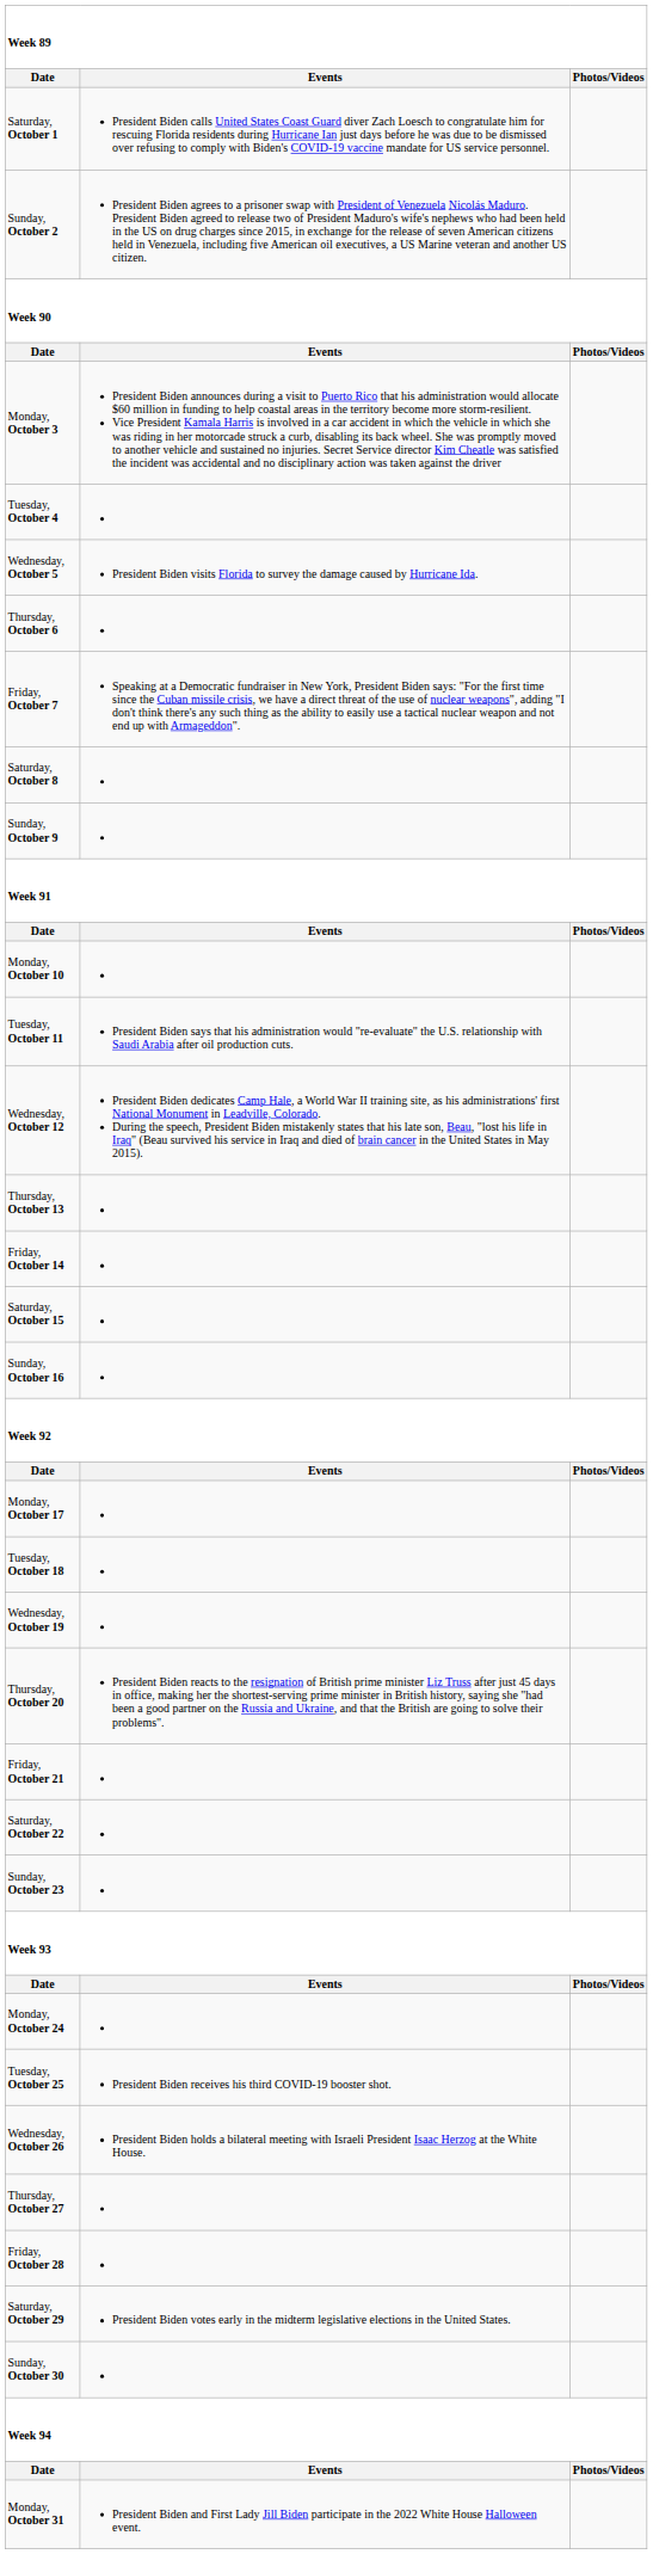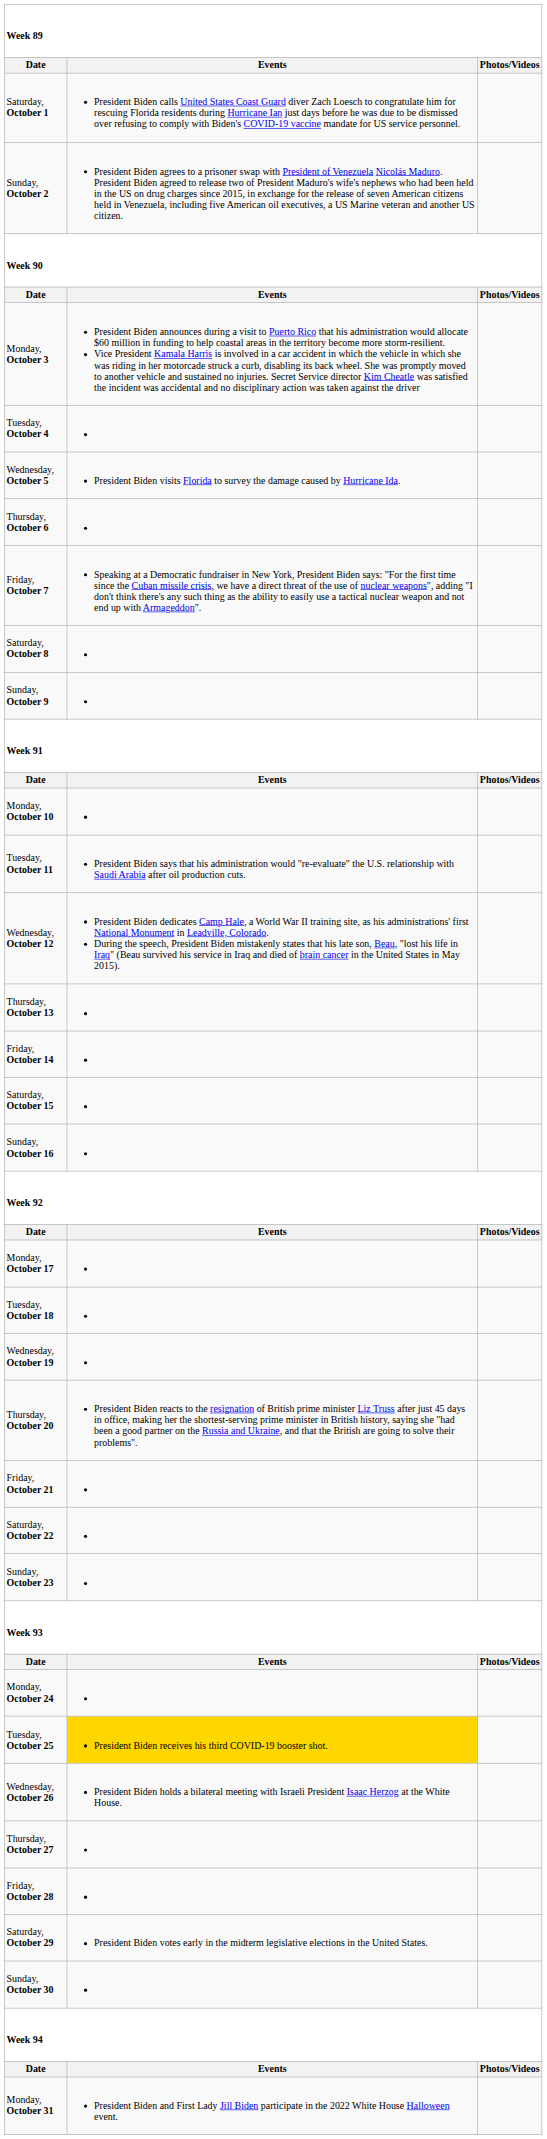 <table class="wikitable">
 <tr style="background:white;">
 <td colspan="3"><br><h4>Week 89</h4></td>
 </tr>
 <tr>
 <th>Date</th>
 <th>Events</th>
 <th>Photos/Videos</th>
 </tr>
 <tr>
 <td>Saturday, <strong>October 1</strong></td>
 <td><br><ul><li>President Biden calls <a href='#'>United States Coast Guard</a> diver Zach Loesch to congratulate him for rescuing Florida residents during <a href='#'>Hurricane Ian</a> just days before he was due to be dismissed over refusing to comply with Biden's <a href='#'>COVID-19 vaccine</a> mandate for US service personnel.</li></ul></td>
 <td></td>
 </tr>
 <tr>
 <td>Sunday, <strong>October 2</strong></td>
 <td><br><ul><li>President Biden agrees to a prisoner swap with <a href='#'>President of Venezuela</a> <a href='#'>Nicolás Maduro</a>. President Biden agreed to release two of President Maduro's wife's nephews who had been held in the US on drug charges since 2015, in exchange for the release of seven American citizens held in Venezuela, including five American oil executives, a US Marine veteran and another US citizen.</li></ul></td>
 <td></td>
 </tr>
 <tr style="background:white;">
 <td colspan="3"><br><h4>Week 90</h4></td>
 </tr>
 <tr>
 <th>Date</th>
 <th>Events</th>
 <th>Photos/Videos</th>
 </tr>
 <tr>
 <td>Monday, <strong>October 3</strong></td>
 <td><br><ul><li>President Biden announces during a visit to <a href='#'>Puerto Rico</a> that his administration would allocate $60 million in funding to help coastal areas in the territory become more storm-resilient.</li><li>Vice President <a href='#'>Kamala Harris</a> is involved in a car accident in which the vehicle in which she was riding in her motorcade struck a curb, disabling its back wheel. She was promptly moved to another vehicle and sustained no injuries. Secret Service director <a href='#'>Kim Cheatle</a> was satisfied the incident was accidental and no disciplinary action was taken against the driver</li></ul></td>
 <td></td>
 </tr>
 <tr>
 <td>Tuesday, <strong>October 4</strong></td>
 <td><br><ul><li></li></ul></td>
 <td></td>
 </tr>
 <tr>
 <td>Wednesday, <strong>October 5</strong></td>
 <td><br><ul><li>President Biden visits <a href='#'>Florida</a> to survey the damage caused by <a href='#'>Hurricane Ida</a>.</li></ul></td>
 <td></td>
 </tr>
 <tr>
 <td>Thursday, <strong>October 6</strong></td>
 <td><br><ul><li></li></ul></td>
 <td></td>
 </tr>
 <tr>
 <td>Friday, <strong>October 7</strong></td>
 <td><br><ul><li>Speaking at a Democratic fundraiser in New York, President Biden says: "For the first time since the <a href='#'>Cuban missile crisis</a>, we have a direct threat of the use of <a href='#'>nuclear weapons</a>", adding "I don't think there's any such thing as the ability to easily use a tactical nuclear weapon and not end up with <a href='#'>Armageddon</a>".</li></ul></td>
 <td></td>
 </tr>
 <tr>
 <td>Saturday, <strong>October 8</strong></td>
 <td><br><ul><li></li></ul></td>
 <td></td>
 </tr>
 <tr>
 <td>Sunday, <strong>October 9</strong></td>
 <td><br><ul><li></li></ul></td>
 <td></td>
 </tr>
 <tr style="background:white;">
 <td colspan="3"><br><h4>Week 91</h4></td>
 </tr>
 <tr>
 <th>Date</th>
 <th>Events</th>
 <th>Photos/Videos</th>
 </tr>
 <tr>
 <td>Monday, <strong>October 10</strong></td>
 <td><br><ul><li></li></ul></td>
 <td></td>
 </tr>
 <tr>
 <td>Tuesday, <strong>October 11</strong></td>
 <td><br><ul><li>President Biden says that his administration would "re-evaluate" the U.S. relationship with <a href='#'>Saudi Arabia</a> after oil production cuts.</li></ul></td>
 <td></td>
 </tr>
 <tr>
 <td>Wednesday, <strong>October 12</strong></td>
 <td><br><ul><li>President Biden dedicates <a href='#'>Camp Hale</a>, a World War II training site, as his administrations' first <a href='#'>National Monument</a> in <a href='#'>Leadville, Colorado</a>.</li><li>During the speech, President Biden mistakenly states that his late son, <a href='#'>Beau</a>, "lost his life in <a href='#'>Iraq</a>" (Beau survived his service in Iraq and died of <a href='#'>brain cancer</a> in the United States in May 2015).</li></ul></td>
 <td></td>
 </tr>
 <tr>
 <td>Thursday, <strong>October 13</strong></td>
 <td><br><ul><li></li></ul></td>
 <td></td>
 </tr>
 <tr>
 <td>Friday, <strong>October 14</strong></td>
 <td><br><ul><li></li></ul></td>
 <td></td>
 </tr>
 <tr>
 <td>Saturday, <strong>October 15</strong></td>
 <td><br><ul><li></li></ul></td>
 <td></td>
 </tr>
 <tr>
 <td>Sunday, <strong>October 16</strong></td>
 <td><br><ul><li></li></ul></td>
 <td></td>
 </tr>
 <tr style="background:white;">
 <td colspan="3"><br><h4>Week 92</h4></td>
 </tr>
 <tr>
 <th>Date</th>
 <th>Events</th>
 <th>Photos/Videos</th>
 </tr>
 <tr>
 <td>Monday, <strong>October 17</strong></td>
 <td><br><ul><li></li></ul></td>
 <td></td>
 </tr>
 <tr>
 <td>Tuesday, <strong>October 18</strong></td>
 <td><br><ul><li></li></ul></td>
 <td></td>
 </tr>
 <tr>
 <td>Wednesday, <strong>October 19</strong></td>
 <td><br><ul><li></li></ul></td>
 <td></td>
 </tr>
 <tr>
 <td>Thursday, <strong>October 20</strong></td>
 <td><br><ul><li>President Biden reacts to the <a href='#'>resignation</a> of British prime minister <a href='#'>Liz Truss</a> after just 45 days in office, making her the shortest-serving prime minister in British history, saying she "had been a good partner on the <a href='#'>Russia and Ukraine</a>, and that the British are going to solve their problems".</li></ul></td>
 <td></td>
 </tr>
 <tr>
 <td>Friday, <strong>October 21</strong></td>
 <td><br><ul><li></li></ul></td>
 <td></td>
 </tr>
 <tr>
 <td>Saturday, <strong>October 22</strong></td>
 <td><br><ul><li></li></ul></td>
 <td></td>
 </tr>
 <tr>
 <td>Sunday, <strong>October 23</strong></td>
 <td><br><ul><li></li></ul></td>
 <td></td>
 </tr>
 <tr style="background:white;">
 <td colspan="3"><br><h4>Week 93</h4></td>
 </tr>
 <tr>
 <th>Date</th>
 <th>Events</th>
 <th>Photos/Videos</th>
 </tr>
 <tr>
 <td>Monday, <strong>October 24</strong></td>
 <td><br><ul><li></li></ul></td>
 <td></td>
 </tr>
 <tr>
 <td>Tuesday, <strong>October 25</strong></td>
-<td><br><ul><li>President Biden receives his third COVID-19 booster shot.</li></ul></td>
+<td style="background: gold;"><br><ul><li>President Biden receives his third COVID-19 booster shot.</li></ul></td>
 <td></td>
 </tr>
 <tr>
 <td>Wednesday, <strong>October 26</strong></td>
 <td><br><ul><li>President Biden holds a bilateral meeting with Israeli President <a href='#'>Isaac Herzog</a> at the White House.</li></ul></td>
 <td></td>
 </tr>
 <tr>
 <td>Thursday, <strong>October 27</strong></td>
 <td><br><ul><li></li></ul></td>
 <td></td>
 </tr>
 <tr>
 <td>Friday, <strong>October 28</strong></td>
 <td><br><ul><li></li></ul></td>
 <td></td>
 </tr>
 <tr>
 <td>Saturday, <strong>October 29</strong></td>
 <td><br><ul><li>President Biden votes early in the midterm legislative elections in the United States.</li></ul></td>
 <td></td>
 </tr>
 <tr>
 <td>Sunday, <strong>October 30</strong></td>
 <td><br><ul><li></li></ul></td>
 <td></td>
 </tr>
 <tr style="background:white;">
 <td colspan="3"><br><h4>Week 94</h4></td>
 </tr>
 <tr>
 <th>Date</th>
 <th>Events</th>
 <th>Photos/Videos</th>
 </tr>
 <tr>
 <td>Monday, <strong>October 31</strong></td>
 <td><br><ul><li>President Biden and First Lady <a href='#'>Jill Biden</a> participate in the 2022 White House <a href='#'>Halloween</a> event.</li></ul></td>
 <td></td>
 </tr>
 </table>
